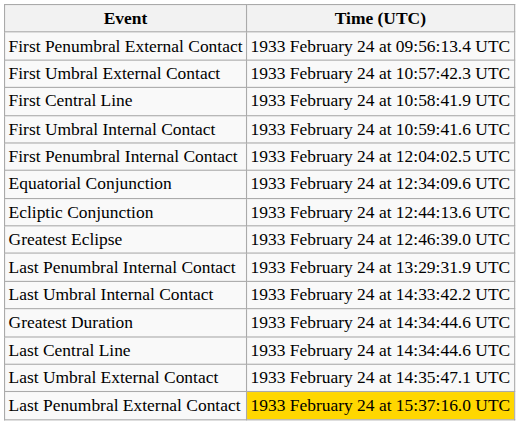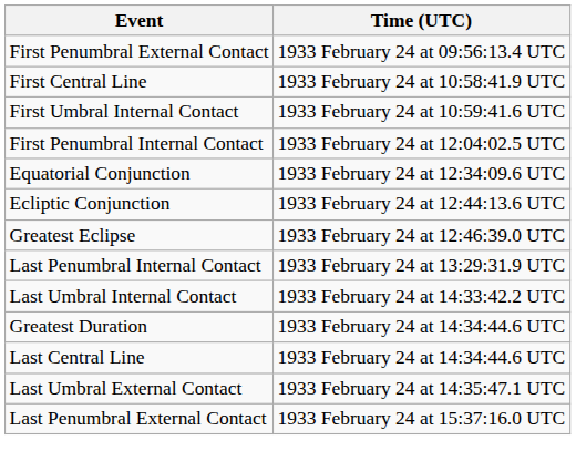 <table class="wikitable">
 <tr>
 <th>Event</th>
 <th>Time (UTC)</th>
 </tr>
 <tr>
 <td>First Penumbral External Contact</td>
 <td>1933 February 24 at 09:56:13.4 UTC</td>
-</tr>
-<tr>
-<td>First Umbral External Contact</td>
-<td>1933 February 24 at 10:57:42.3 UTC</td>
 </tr>
 <tr>
 <td>First Central Line</td>
 <td>1933 February 24 at 10:58:41.9 UTC</td>
 </tr>
 <tr>
 <td>First Umbral Internal Contact</td>
 <td>1933 February 24 at 10:59:41.6 UTC</td>
 </tr>
 <tr>
 <td>First Penumbral Internal Contact</td>
 <td>1933 February 24 at 12:04:02.5 UTC</td>
 </tr>
 <tr>
 <td>Equatorial Conjunction</td>
 <td>1933 February 24 at 12:34:09.6 UTC</td>
 </tr>
 <tr>
 <td>Ecliptic Conjunction</td>
 <td>1933 February 24 at 12:44:13.6 UTC</td>
 </tr>
 <tr>
 <td>Greatest Eclipse</td>
 <td>1933 February 24 at 12:46:39.0 UTC</td>
 </tr>
 <tr>
 <td>Last Penumbral Internal Contact</td>
 <td>1933 February 24 at 13:29:31.9 UTC</td>
 </tr>
 <tr>
 <td>Last Umbral Internal Contact</td>
 <td>1933 February 24 at 14:33:42.2 UTC</td>
 </tr>
 <tr>
 <td>Greatest Duration</td>
 <td>1933 February 24 at 14:34:44.6 UTC</td>
 </tr>
 <tr>
 <td>Last Central Line</td>
 <td>1933 February 24 at 14:34:44.6 UTC</td>
 </tr>
 <tr>
 <td>Last Umbral External Contact</td>
 <td>1933 February 24 at 14:35:47.1 UTC</td>
 </tr>
 <tr>
 <td>Last Penumbral External Contact</td>
-<td style="background: gold;">1933 February 24 at 15:37:16.0 UTC</td>
+<td>1933 February 24 at 15:37:16.0 UTC</td>
 </tr>
 </table>
